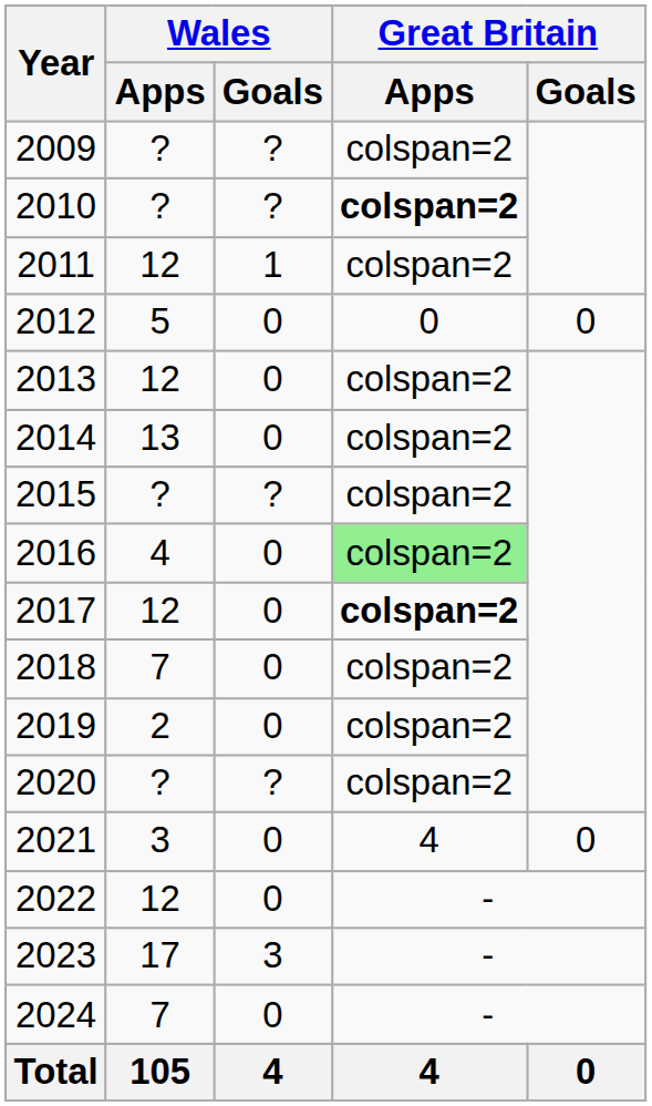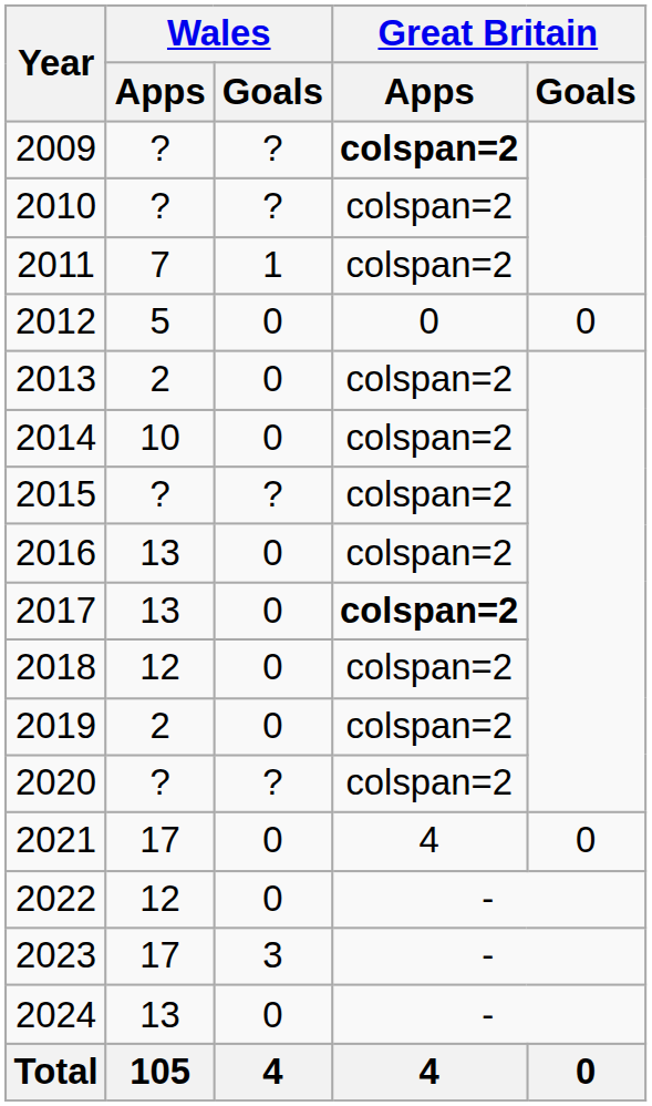 <table class="wikitable" style="text-align:center">
 <tr>
 <th rowspan=2>Year</th>
 <th colspan=2><a href='#'>Wales</a></th>
 <th colspan=2><a href='#'>Great Britain</a></th>
 </tr>
 <tr>
 <th>Apps</th>
 <th>Goals</th>
 <th>Apps</th>
 <th>Goals</th>
 </tr>
 <tr>
 <td>2009</td>
 <td>?</td>
 <td>?</td>
-<td>colspan=2</td>
+<td><strong>colspan=2</strong></td>
 </tr>
 <tr>
 <td>2010</td>
 <td>?</td>
 <td>?</td>
-<td><strong>colspan=2</strong></td>
+<td>colspan=2</td>
 </tr>
 <tr>
 <td>2011</td>
-<td>12</td>
+<td>7</td>
 <td>1</td>
 <td>colspan=2</td>
 </tr>
 <tr>
 <td>2012</td>
 <td>5</td>
 <td>0</td>
 <td>0</td>
 <td>0</td>
 </tr>
 <tr>
 <td>2013</td>
-<td>12</td>
+<td>2</td>
 <td>0</td>
 <td>colspan=2</td>
 </tr>
 <tr>
 <td>2014</td>
-<td>13</td>
+<td>10</td>
 <td>0</td>
 <td>colspan=2</td>
 </tr>
 <tr>
 <td>2015</td>
 <td>?</td>
 <td>?</td>
 <td>colspan=2</td>
 </tr>
 <tr>
 <td>2016</td>
-<td>4</td>
+<td>13</td>
 <td>0</td>
-<td style="background: lightgreen;">colspan=2</td>
+<td>colspan=2</td>
 </tr>
 <tr>
 <td>2017</td>
-<td>12</td>
+<td>13</td>
 <td>0</td>
 <td><strong>colspan=2</strong></td>
 </tr>
 <tr>
 <td>2018</td>
-<td>7</td>
+<td>12</td>
 <td>0</td>
 <td>colspan=2</td>
 </tr>
 <tr>
 <td>2019</td>
 <td>2</td>
 <td>0</td>
 <td>colspan=2</td>
 </tr>
 <tr>
 <td>2020</td>
 <td>?</td>
 <td>?</td>
 <td>colspan=2</td>
 </tr>
 <tr>
 <td>2021</td>
-<td>3</td>
+<td>17</td>
 <td>0</td>
 <td>4</td>
 <td>0</td>
 </tr>
 <tr>
 <td>2022</td>
 <td>12</td>
 <td>0</td>
 <td colspan="2">-</td>
 </tr>
 <tr>
 <td>2023</td>
 <td>17</td>
 <td>3</td>
 <td colspan="2">-</td>
 </tr>
 <tr>
 <td>2024</td>
-<td>7</td>
+<td>13</td>
 <td>0</td>
 <td colspan="2">-</td>
 </tr>
 <tr>
 <th>Total</th>
 <th>105</th>
 <th>4</th>
 <th>4</th>
 <th>0</th>
 </tr>
 </table>
